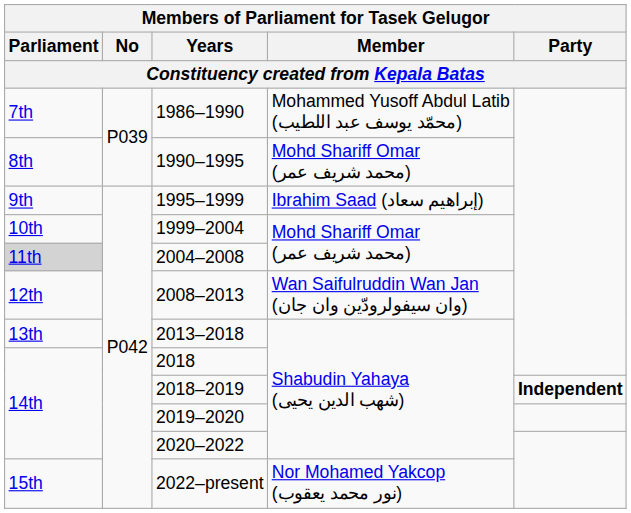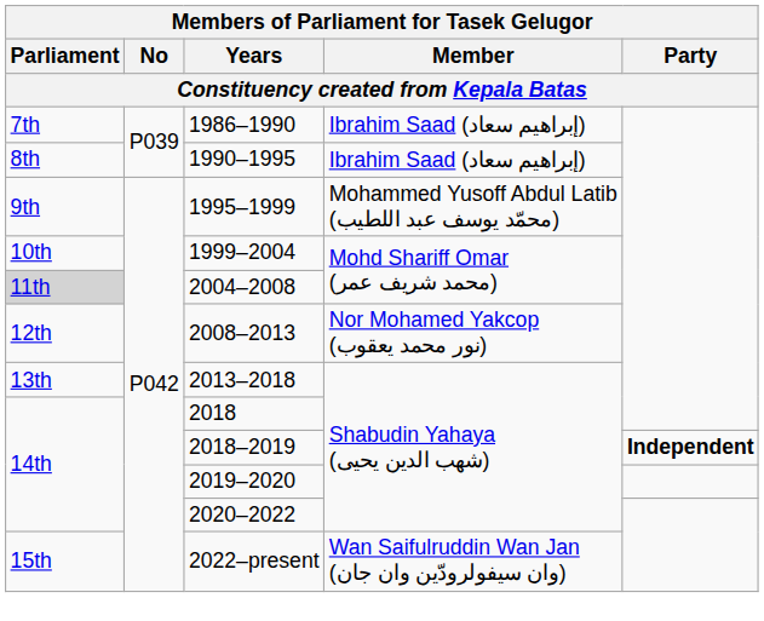 <table class=wikitable>
 <tr>
 <th colspan="5">Members of Parliament for Tasek Gelugor</th>
 </tr>
 <tr>
 <th>Parliament</th>
 <th>No</th>
 <th>Years</th>
 <th>Member</th>
 <th>Party</th>
 </tr>
 <tr>
 <th colspan="5" align="center"><em>Constituency created from <a href='#'>Kepala Batas</a></em></th>
 </tr>
 <tr>
 <td><a href='#'>7th</a></td>
 <td rowspan="2">P039</td>
 <td>1986–1990</td>
-<td>Mohammed Yusoff Abdul Latib <br>(محمّد يوسف عبد اللطيب)</td>
+<td><a href='#'>Ibrahim Saad</a> (إبراهيم سعاد)</td>
 <td rowspan="8"></td>
 </tr>
 <tr>
 <td><a href='#'>8th</a></td>
 <td>1990–1995</td>
-<td><a href='#'>Mohd Shariff Omar</a> <br>(محمد شريف عمر)</td>
+<td><a href='#'>Ibrahim Saad</a> (إبراهيم سعاد)</td>
 </tr>
 <tr>
 <td><a href='#'>9th</a></td>
 <td rowspan="10">P042</td>
 <td>1995–1999</td>
-<td><a href='#'>Ibrahim Saad</a> (إبراهيم سعاد)</td>
+<td>Mohammed Yusoff Abdul Latib <br>(محمّد يوسف عبد اللطيب)</td>
 </tr>
 <tr>
 <td><a href='#'>10th</a></td>
 <td>1999–2004</td>
 <td rowspan=2><a href='#'>Mohd Shariff Omar</a> <br>(محمد شريف عمر)</td>
 </tr>
 <tr>
 <td style="background: lightgrey;"><a href='#'>11th</a></td>
 <td>2004–2008</td>
 </tr>
 <tr>
 <td><a href='#'>12th</a></td>
 <td>2008–2013</td>
-<td><a href='#'>Wan Saifulruddin Wan Jan</a> <br>(وان سيفولرودّين وان جان)</td>
+<td><a href='#'>Nor Mohamed Yakcop</a> <br>(نور محمد يعقوب)</td>
 </tr>
 <tr>
 <td><a href='#'>13th</a></td>
 <td>2013–2018</td>
 <td rowspan="5"><a href='#'>Shabudin Yahaya</a> <br>(شهب الدين يحيى)</td>
 </tr>
 <tr>
 <td rowspan="4"><a href='#'>14th</a></td>
 <td>2018</td>
 </tr>
 <tr>
 <td>2018–2019</td>
 <td><strong>Independent</strong></td>
 </tr>
 <tr>
 <td>2019–2020</td>
 <td></td>
 </tr>
 <tr>
 <td>2020–2022</td>
 <td rowspan=2></td>
 </tr>
 <tr>
 <td><a href='#'>15th</a></td>
 <td>2022–present</td>
-<td><a href='#'>Nor Mohamed Yakcop</a> <br>(نور محمد يعقوب)</td>
+<td><a href='#'>Wan Saifulruddin Wan Jan</a> <br>(وان سيفولرودّين وان جان)</td>
 </tr>
 </table>
